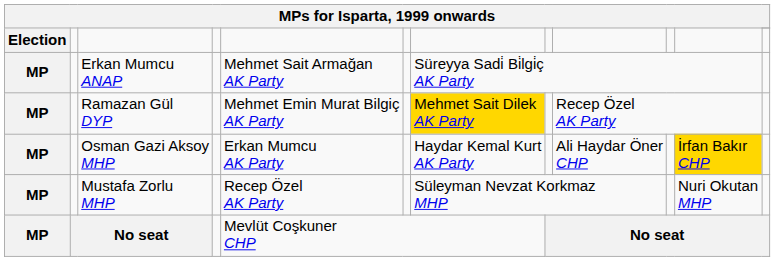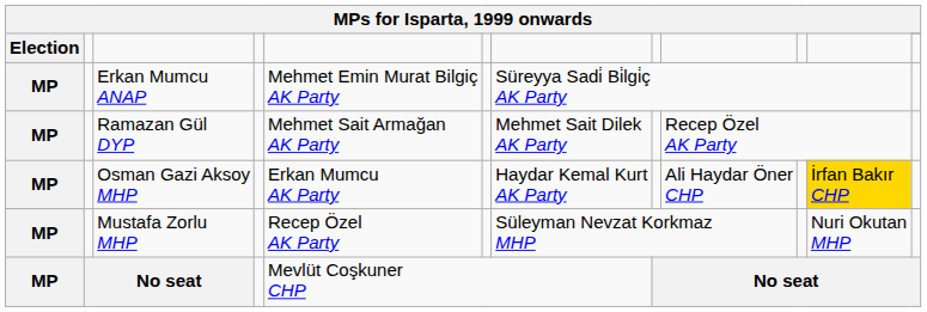 <table class="wikitable">
 <tr>
 <th colspan = 12>MPs for Isparta, 1999 onwards</th>
 </tr>
 <tr>
 <th rowspan = 2>Election</th>
 <td rowspan="2" style="width:1px;"></td>
 <td rowspan = 2></td>
 <td rowspan="2" style="width:1px;"></td>
 <td rowspan = 2></td>
 <td rowspan="2" style="width:1px;"></td>
 <td rowspan = 2></td>
 <td rowspan="2" style="width:1px;"></td>
 <td rowspan = 2></td>
 <td rowspan="2" style="width:1px;"></td>
 <td rowspan = 2></td>
 </tr>
 <tr>
 <td></td>
 </tr>
 <tr>
 <th>MP</th>
 <td width=1px style="background-color: "></td>
 <td colspan = 1>Erkan Mumcu<br><em><a href='#'>ANAP</a></em></td>
 <td width=1px style="background-color: "></td>
-<td colspan = 1>Mehmet Sait Armağan<br><em><a href='#'>AK Party</a></em></td>
+<td colspan = 1>Mehmet Emin Murat Bilgiç<br><em><a href='#'>AK Party</a></em></td>
 <td width=1px style="background-color: "></td>
 <td colspan = 5>Süreyya Sadi̇ Bi̇lgi̇ç<br><em><a href='#'>AK Party</a></em></td>
 <td width=1px style="background-color: "></td>
 </tr>
 <tr>
 <th>MP</th>
 <td width=1px style="background-color: "></td>
 <td colspan = 1>Ramazan Gül<br><em><a href='#'>DYP</a></em></td>
 <td width=1px style="background-color: "></td>
-<td colspan = 1>Mehmet Emin Murat Bilgiç<br><em><a href='#'>AK Party</a></em></td>
+<td colspan = 1>Mehmet Sait Armağan<br><em><a href='#'>AK Party</a></em></td>
 <td width=1px style="background-color: "></td>
-<td colspan = 1 style="background: gold;">Mehmet Sait Dilek<br><em><a href='#'>AK Party</a></em></td>
+<td colspan = 1>Mehmet Sait Dilek<br><em><a href='#'>AK Party</a></em></td>
 <td width=1px style="background-color: "></td>
 <td colspan = 3>Recep Özel<br><em><a href='#'>AK Party</a></em></td>
 <td width=1px style="background-color: "></td>
 </tr>
 <tr>
 <th>MP</th>
 <td width=1px style="background-color: "></td>
 <td colspan = 1>Osman Gazi Aksoy<br><em><a href='#'>MHP</a></em></td>
 <td width=1px style="background-color: "></td>
 <td colspan = 1>Erkan Mumcu<br><em><a href='#'>AK Party</a></em></td>
 <td width=1px style="background-color: "></td>
 <td colspan = 1>Haydar Kemal Kurt<br><em><a href='#'>AK Party</a></em></td>
 <td width=1px style="background-color: "></td>
 <td colspan = 1>Ali Haydar Öner<br><em><a href='#'>CHP</a></em></td>
 <td width=1px style="background-color: "></td>
 <td colspan = 1 style="background: gold;">İrfan Bakır<br><em><a href='#'>CHP</a></em></td>
 <td width=1px style="background-color: "></td>
 </tr>
 <tr>
 <th>MP</th>
 <td width=1px style="background-color: "></td>
 <td colspan = 1>Mustafa Zorlu<br><em><a href='#'>MHP</a></em></td>
 <td width=1px style="background-color: "></td>
 <td colspan = 1>Recep Özel<br><em><a href='#'>AK Party</a></em></td>
 <td width=1px style="background-color: "></td>
 <td colspan = 3>Süleyman Nevzat Korkmaz<br><em><a href='#'>MHP</a></em></td>
 <td width=1px style="background-color: "></td>
 <td colspan = 1>Nuri Okutan<br><em><a href='#'>MHP</a></em></td>
 <td width=1px style="background-color: "></td>
 </tr>
 <tr>
 <th>MP</th>
 <th colspan = 2>No seat</th>
 <td width=1px style="background-color: "></td>
 <td colspan = 3>Mevlüt Coşkuner<br><em><a href='#'>CHP</a></em></td>
 <th colspan = 6>No seat</th>
 </tr>
 </table>
